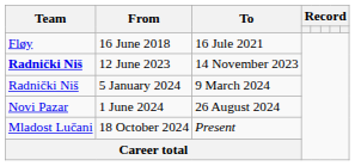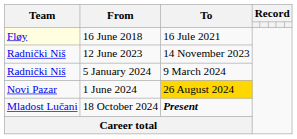 <table class="wikitable" style="text-align:center">
 <tr>
 <th rowspan=2>Team</th>
 <th rowspan=2>From</th>
 <th rowspan=2>To</th>
 <th colspan=8>Record</th>
 </tr>
 <tr>
 <th></th>
 <th></th>
 <th></th>
 <th></th>
 <th></th>
 </tr>
 <tr>
-<td align=left><a href='#'>Fløy</a></td>
+<td align=left style="background: lightyellow;"><a href='#'>Fløy</a></td>
 <td align=left>16 June 2018</td>
 <td align=left>16 Jule 2021<br></td>
 </tr>
 <tr>
-<td align=left><strong><a href='#'>Radnički Niš</a></strong></td>
+<td align=left><a href='#'>Radnički Niš</a></td>
 <td align=left>12 June 2023</td>
 <td align=left>14 November 2023<br></td>
 </tr>
 <tr>
 <td align=left><a href='#'>Radnički Niš</a></td>
 <td align=left>5 January 2024</td>
 <td align=left>9 March 2024<br></td>
 </tr>
 <tr>
 <td align=left><a href='#'>Novi Pazar</a></td>
 <td align=left>1 June  2024</td>
-<td align=left>26 August 2024<br></td>
+<td align=left style="background: gold;">26 August 2024<br></td>
 </tr>
 <tr>
 <td align=left><a href='#'>Mladost Lučani</a></td>
 <td align=left>18 October 2024</td>
-<td align=left><em>Present</em><br></td>
+<td align=left><strong><em>Present</em><br></strong></td>
 </tr>
 <tr>
 <th colspan=3>Career total<br></th>
 </tr>
 </table>
